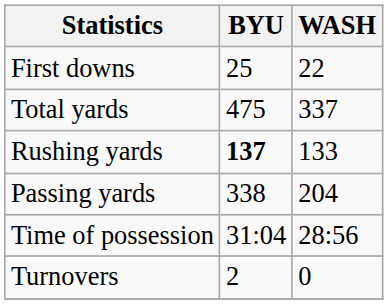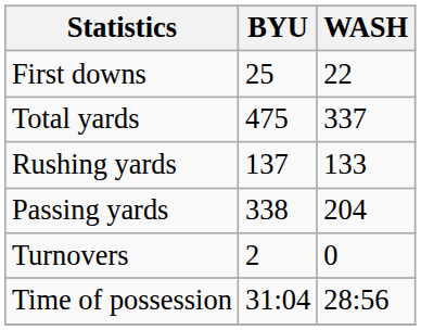 <table class="wikitable" style="float: left;">
 <tr>
 <th>Statistics</th>
 <th>BYU</th>
 <th>WASH</th>
 </tr>
 <tr>
 <td>First downs</td>
 <td>25</td>
 <td>22</td>
 </tr>
 <tr>
 <td>Total yards</td>
 <td>475</td>
 <td>337</td>
 </tr>
 <tr>
 <td>Rushing yards</td>
-<td><strong>137</strong></td>
+<td>137</td>
 <td>133</td>
 </tr>
 <tr>
 <td>Passing yards</td>
 <td>338</td>
 <td>204</td>
 </tr>
 <tr>
+<td>Turnovers</td>
+<td>2</td>
+<td>0</td>
+</tr>
+<tr>
 <td>Time of possession</td>
 <td>31:04</td>
 <td>28:56</td>
 </tr>
 <tr>
-<td>Turnovers</td>
-<td>2</td>
-<td>0</td>
-</tr>
-<tr>
 </tr>
 </table>
